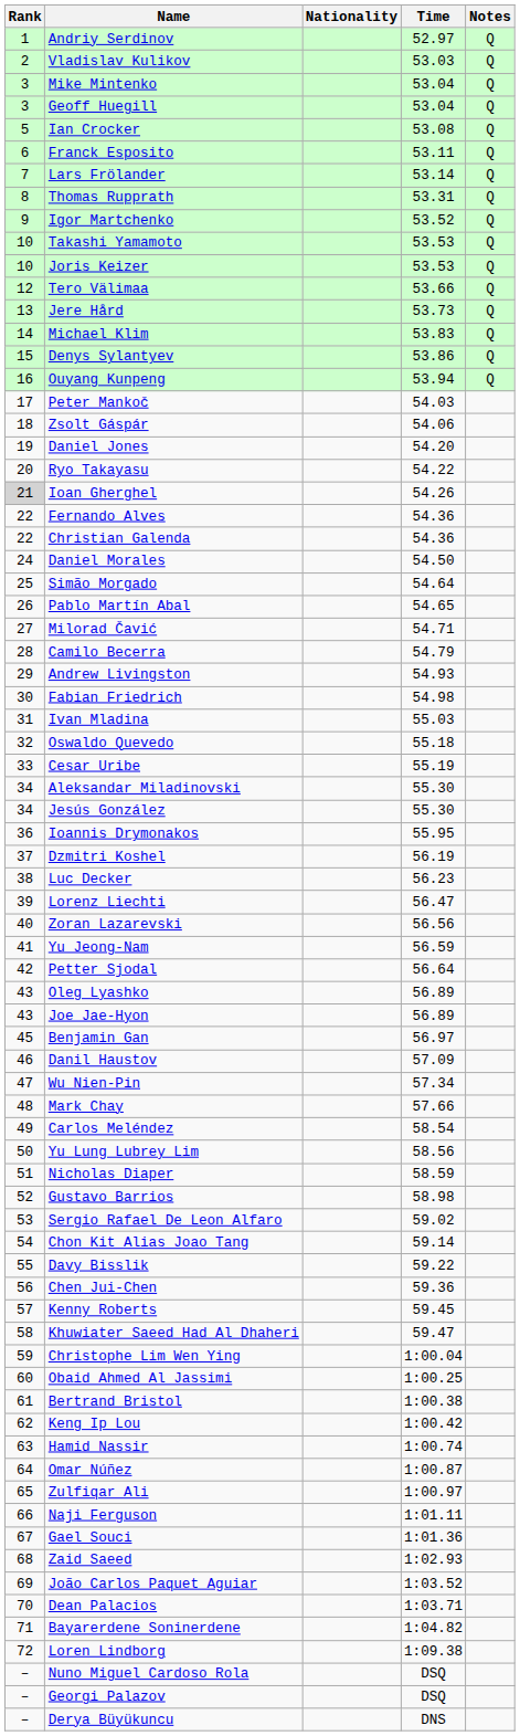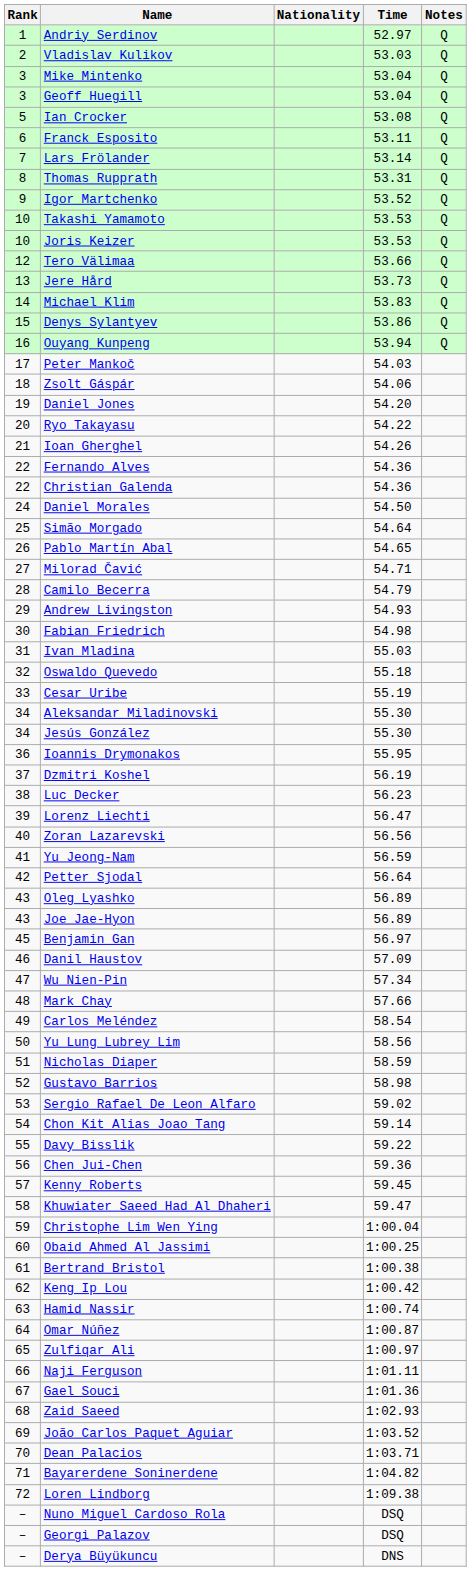 <table class="wikitable sortable" style="text-align:center">
 <tr>
 <th>Rank</th>
 <th>Name</th>
 <th>Nationality</th>
 <th>Time</th>
 <th>Notes</th>
 </tr>
 <tr bgcolor=ccffcc>
 <td>1</td>
 <td align=left><a href='#'>Andriy Serdinov</a></td>
 <td align=left></td>
 <td>52.97</td>
 <td>Q</td>
 </tr>
 <tr bgcolor=ccffcc>
 <td>2</td>
 <td align=left><a href='#'>Vladislav Kulikov</a></td>
 <td align=left></td>
 <td>53.03</td>
 <td>Q</td>
 </tr>
 <tr bgcolor=ccffcc>
 <td>3</td>
 <td align=left><a href='#'>Mike Mintenko</a></td>
 <td align=left></td>
 <td>53.04</td>
 <td>Q</td>
 </tr>
 <tr bgcolor=ccffcc>
 <td>3</td>
 <td align=left><a href='#'>Geoff Huegill</a></td>
 <td align=left></td>
 <td>53.04</td>
 <td>Q</td>
 </tr>
 <tr bgcolor=ccffcc>
 <td>5</td>
 <td align=left><a href='#'>Ian Crocker</a></td>
 <td align=left></td>
 <td>53.08</td>
 <td>Q</td>
 </tr>
 <tr bgcolor=ccffcc>
 <td>6</td>
 <td align=left><a href='#'>Franck Esposito</a></td>
 <td align=left></td>
 <td>53.11</td>
 <td>Q</td>
 </tr>
 <tr bgcolor=ccffcc>
 <td>7</td>
 <td align=left><a href='#'>Lars Frölander</a></td>
 <td align=left></td>
 <td>53.14</td>
 <td>Q</td>
 </tr>
 <tr bgcolor=ccffcc>
 <td>8</td>
 <td align=left><a href='#'>Thomas Rupprath</a></td>
 <td align=left></td>
 <td>53.31</td>
 <td>Q</td>
 </tr>
 <tr bgcolor=ccffcc>
 <td>9</td>
 <td align=left><a href='#'>Igor Martchenko</a></td>
 <td align=left></td>
 <td>53.52</td>
 <td>Q</td>
 </tr>
 <tr bgcolor=ccffcc>
 <td>10</td>
 <td align=left><a href='#'>Takashi Yamamoto</a></td>
 <td align=left></td>
 <td>53.53</td>
 <td>Q</td>
 </tr>
 <tr bgcolor=ccffcc>
 <td>10</td>
 <td align=left><a href='#'>Joris Keizer</a></td>
 <td align=left></td>
 <td>53.53</td>
 <td>Q</td>
 </tr>
 <tr bgcolor=ccffcc>
 <td>12</td>
 <td align=left><a href='#'>Tero Välimaa</a></td>
 <td align=left></td>
 <td>53.66</td>
 <td>Q</td>
 </tr>
 <tr bgcolor=ccffcc>
 <td>13</td>
 <td align=left><a href='#'>Jere Hård</a></td>
 <td align=left></td>
 <td>53.73</td>
 <td>Q</td>
 </tr>
 <tr bgcolor=ccffcc>
 <td>14</td>
 <td align=left><a href='#'>Michael Klim</a></td>
 <td align=left></td>
 <td>53.83</td>
 <td>Q</td>
 </tr>
 <tr bgcolor=ccffcc>
 <td>15</td>
 <td align=left><a href='#'>Denys Sylantyev</a></td>
 <td align=left></td>
 <td>53.86</td>
 <td>Q</td>
 </tr>
 <tr bgcolor=ccffcc>
 <td>16</td>
 <td align=left><a href='#'>Ouyang Kunpeng</a></td>
 <td align=left></td>
 <td>53.94</td>
 <td>Q</td>
 </tr>
 <tr>
 <td>17</td>
 <td align=left><a href='#'>Peter Mankoč</a></td>
 <td align=left></td>
 <td>54.03</td>
 <td></td>
 </tr>
 <tr>
 <td>18</td>
 <td align=left><a href='#'>Zsolt Gáspár</a></td>
 <td align=left></td>
 <td>54.06</td>
 <td></td>
 </tr>
 <tr>
 <td>19</td>
 <td align=left><a href='#'>Daniel Jones</a></td>
 <td align=left></td>
 <td>54.20</td>
 <td></td>
 </tr>
 <tr>
 <td>20</td>
 <td align=left><a href='#'>Ryo Takayasu</a></td>
 <td align=left></td>
 <td>54.22</td>
 <td></td>
 </tr>
 <tr>
-<td style="background: lightgrey;">21</td>
+<td>21</td>
 <td align=left><a href='#'>Ioan Gherghel</a></td>
 <td align=left></td>
 <td>54.26</td>
 <td></td>
 </tr>
 <tr>
 <td>22</td>
 <td align=left><a href='#'>Fernando Alves</a></td>
 <td align=left></td>
 <td>54.36</td>
 <td></td>
 </tr>
 <tr>
 <td>22</td>
 <td align=left><a href='#'>Christian Galenda</a></td>
 <td align=left></td>
 <td>54.36</td>
 <td></td>
 </tr>
 <tr>
 <td>24</td>
 <td align=left><a href='#'>Daniel Morales</a></td>
 <td align=left></td>
 <td>54.50</td>
 <td></td>
 </tr>
 <tr>
 <td>25</td>
 <td align=left><a href='#'>Simão Morgado</a></td>
 <td align=left></td>
 <td>54.64</td>
 <td></td>
 </tr>
 <tr>
 <td>26</td>
 <td align=left><a href='#'>Pablo Martín Abal</a></td>
 <td align=left></td>
 <td>54.65</td>
 <td></td>
 </tr>
 <tr>
 <td>27</td>
 <td align=left><a href='#'>Milorad Čavić</a></td>
 <td align=left></td>
 <td>54.71</td>
 <td></td>
 </tr>
 <tr>
 <td>28</td>
 <td align=left><a href='#'>Camilo Becerra</a></td>
 <td align=left></td>
 <td>54.79</td>
 <td></td>
 </tr>
 <tr>
 <td>29</td>
 <td align=left><a href='#'>Andrew Livingston</a></td>
 <td align=left></td>
 <td>54.93</td>
 <td></td>
 </tr>
 <tr>
 <td>30</td>
 <td align=left><a href='#'>Fabian Friedrich</a></td>
 <td align=left></td>
 <td>54.98</td>
 <td></td>
 </tr>
 <tr>
 <td>31</td>
 <td align=left><a href='#'>Ivan Mladina</a></td>
 <td align=left></td>
 <td>55.03</td>
 <td></td>
 </tr>
 <tr>
 <td>32</td>
 <td align=left><a href='#'>Oswaldo Quevedo</a></td>
 <td align=left></td>
 <td>55.18</td>
 <td></td>
 </tr>
 <tr>
 <td>33</td>
 <td align=left><a href='#'>Cesar Uribe</a></td>
 <td align=left></td>
 <td>55.19</td>
 <td></td>
 </tr>
 <tr>
 <td>34</td>
 <td align=left><a href='#'>Aleksandar Miladinovski</a></td>
 <td align=left></td>
 <td>55.30</td>
 <td></td>
 </tr>
 <tr>
 <td>34</td>
 <td align=left><a href='#'>Jesús González</a></td>
 <td align=left></td>
 <td>55.30</td>
 <td></td>
 </tr>
 <tr>
 <td>36</td>
 <td align=left><a href='#'>Ioannis Drymonakos</a></td>
 <td align=left></td>
 <td>55.95</td>
 <td></td>
 </tr>
 <tr>
 <td>37</td>
 <td align=left><a href='#'>Dzmitri Koshel</a></td>
 <td align=left></td>
 <td>56.19</td>
 <td></td>
 </tr>
 <tr>
 <td>38</td>
 <td align=left><a href='#'>Luc Decker</a></td>
 <td align=left></td>
 <td>56.23</td>
 <td></td>
 </tr>
 <tr>
 <td>39</td>
 <td align=left><a href='#'>Lorenz Liechti</a></td>
 <td align=left></td>
 <td>56.47</td>
 <td></td>
 </tr>
 <tr>
 <td>40</td>
 <td align=left><a href='#'>Zoran Lazarevski</a></td>
 <td align=left></td>
 <td>56.56</td>
 <td></td>
 </tr>
 <tr>
 <td>41</td>
 <td align=left><a href='#'>Yu Jeong-Nam</a></td>
 <td align=left></td>
 <td>56.59</td>
 <td></td>
 </tr>
 <tr>
 <td>42</td>
 <td align=left><a href='#'>Petter Sjodal</a></td>
 <td align=left></td>
 <td>56.64</td>
 <td></td>
 </tr>
 <tr>
 <td>43</td>
 <td align=left><a href='#'>Oleg Lyashko</a></td>
 <td align=left></td>
 <td>56.89</td>
 <td></td>
 </tr>
 <tr>
 <td>43</td>
 <td align=left><a href='#'>Joe Jae-Hyon</a></td>
 <td align=left></td>
 <td>56.89</td>
 <td></td>
 </tr>
 <tr>
 <td>45</td>
 <td align=left><a href='#'>Benjamin Gan</a></td>
 <td align=left></td>
 <td>56.97</td>
 <td></td>
 </tr>
 <tr>
 <td>46</td>
 <td align=left><a href='#'>Danil Haustov</a></td>
 <td align=left></td>
 <td>57.09</td>
 <td></td>
 </tr>
 <tr>
 <td>47</td>
 <td align=left><a href='#'>Wu Nien-Pin</a></td>
 <td align=left></td>
 <td>57.34</td>
 <td></td>
 </tr>
 <tr>
 <td>48</td>
 <td align=left><a href='#'>Mark Chay</a></td>
 <td align=left></td>
 <td>57.66</td>
 <td></td>
 </tr>
 <tr>
 <td>49</td>
 <td align=left><a href='#'>Carlos Meléndez</a></td>
 <td align=left></td>
 <td>58.54</td>
 <td></td>
 </tr>
 <tr>
 <td>50</td>
 <td align=left><a href='#'>Yu Lung Lubrey Lim</a></td>
 <td align=left></td>
 <td>58.56</td>
 <td></td>
 </tr>
 <tr>
 <td>51</td>
 <td align=left><a href='#'>Nicholas Diaper</a></td>
 <td align=left></td>
 <td>58.59</td>
 <td></td>
 </tr>
 <tr>
 <td>52</td>
 <td align=left><a href='#'>Gustavo Barrios</a></td>
 <td align=left></td>
 <td>58.98</td>
 <td></td>
 </tr>
 <tr>
 <td>53</td>
 <td align=left><a href='#'>Sergio Rafael De Leon Alfaro</a></td>
 <td align=left></td>
 <td>59.02</td>
 <td></td>
 </tr>
 <tr>
 <td>54</td>
 <td align=left><a href='#'>Chon Kit Alias Joao Tang</a></td>
 <td align=left></td>
 <td>59.14</td>
 <td></td>
 </tr>
 <tr>
 <td>55</td>
 <td align=left><a href='#'>Davy Bisslik</a></td>
 <td align=left></td>
 <td>59.22</td>
 <td></td>
 </tr>
 <tr>
 <td>56</td>
 <td align=left><a href='#'>Chen Jui-Chen</a></td>
 <td align=left></td>
 <td>59.36</td>
 <td></td>
 </tr>
 <tr>
 <td>57</td>
 <td align=left><a href='#'>Kenny Roberts</a></td>
 <td align=left></td>
 <td>59.45</td>
 <td></td>
 </tr>
 <tr>
 <td>58</td>
 <td align=left><a href='#'>Khuwiater Saeed Had Al Dhaheri</a></td>
 <td align=left></td>
 <td>59.47</td>
 <td></td>
 </tr>
 <tr>
 <td>59</td>
 <td align=left><a href='#'>Christophe Lim Wen Ying</a></td>
 <td align=left></td>
 <td>1:00.04</td>
 <td></td>
 </tr>
 <tr>
 <td>60</td>
 <td align=left><a href='#'>Obaid Ahmed Al Jassimi</a></td>
 <td align=left></td>
 <td>1:00.25</td>
 <td></td>
 </tr>
 <tr>
 <td>61</td>
 <td align=left><a href='#'>Bertrand Bristol</a></td>
 <td align=left></td>
 <td>1:00.38</td>
 <td></td>
 </tr>
 <tr>
 <td>62</td>
 <td align=left><a href='#'>Keng Ip Lou</a></td>
 <td align=left></td>
 <td>1:00.42</td>
 <td></td>
 </tr>
 <tr>
 <td>63</td>
 <td align=left><a href='#'>Hamid Nassir</a></td>
 <td align=left></td>
 <td>1:00.74</td>
 <td></td>
 </tr>
 <tr>
 <td>64</td>
 <td align=left><a href='#'>Omar Núñez</a></td>
 <td align=left></td>
 <td>1:00.87</td>
 <td></td>
 </tr>
 <tr>
 <td>65</td>
 <td align=left><a href='#'>Zulfiqar Ali</a></td>
 <td align=left></td>
 <td>1:00.97</td>
 <td></td>
 </tr>
 <tr>
 <td>66</td>
 <td align=left><a href='#'>Naji Ferguson</a></td>
 <td align=left></td>
 <td>1:01.11</td>
 <td></td>
 </tr>
 <tr>
 <td>67</td>
 <td align=left><a href='#'>Gael Souci</a></td>
 <td align=left></td>
 <td>1:01.36</td>
 <td></td>
 </tr>
 <tr>
 <td>68</td>
 <td align=left><a href='#'>Zaid Saeed</a></td>
 <td align=left></td>
 <td>1:02.93</td>
 <td></td>
 </tr>
 <tr>
 <td>69</td>
 <td align=left><a href='#'>João Carlos Paquet Aguiar</a></td>
 <td align=left></td>
 <td>1:03.52</td>
 <td></td>
 </tr>
 <tr>
 <td>70</td>
 <td align=left><a href='#'>Dean Palacios</a></td>
 <td align=left></td>
 <td>1:03.71</td>
 <td></td>
 </tr>
 <tr>
 <td>71</td>
 <td align=left><a href='#'>Bayarerdene Soninerdene</a></td>
 <td align=left></td>
 <td>1:04.82</td>
 <td></td>
 </tr>
 <tr>
 <td>72</td>
 <td align=left><a href='#'>Loren Lindborg</a></td>
 <td align=left></td>
 <td>1:09.38</td>
 <td></td>
 </tr>
 <tr>
 <td>–</td>
 <td align=left><a href='#'>Nuno Miguel Cardoso Rola</a></td>
 <td align=left></td>
 <td>DSQ</td>
 <td></td>
 </tr>
 <tr>
 <td>–</td>
 <td align=left><a href='#'>Georgi Palazov</a></td>
 <td align=left></td>
 <td>DSQ</td>
 <td></td>
 </tr>
 <tr>
 <td>–</td>
 <td align=left><a href='#'>Derya Büyükuncu</a></td>
 <td align=left></td>
 <td>DNS</td>
 <td></td>
 </tr>
 </table>
